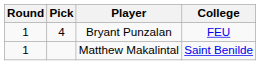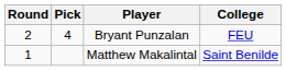 <table class="wikitable sortable sortable">
 <tr>
 <th>Round</th>
 <th>Pick</th>
 <th>Player</th>
 <th>College</th>
 </tr>
 <tr style="text-align: center">
-<td align="center">1</td>
+<td align="center">2</td>
 <td align="center">4</td>
 <td>Bryant Punzalan</td>
 <td><a href='#'>FEU</a></td>
 </tr>
 <tr style="text-align: center">
 <td align="center">1</td>
 <td align="center"></td>
 <td>Matthew Makalintal</td>
 <td><a href='#'>Saint Benilde</a></td>
 </tr>
 </table>
